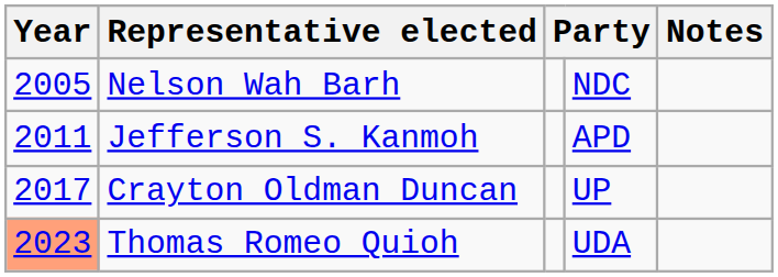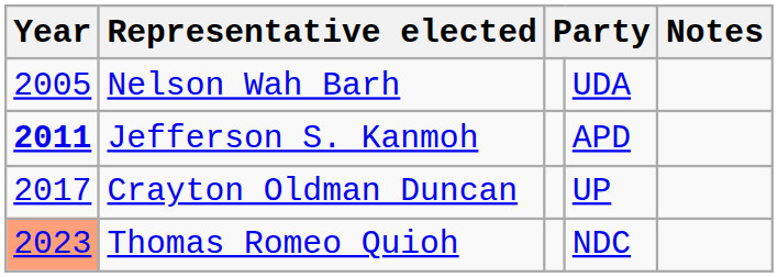 <table class="wikitable">
 <tr>
 <th>Year</th>
 <th>Representative elected</th>
 <th colspan=2>Party</th>
 <th>Notes</th>
 </tr>
 <tr>
 <td><a href='#'>2005</a></td>
 <td><a href='#'>Nelson Wah Barh</a></td>
 <td></td>
-<td><a href='#'>NDC</a></td>
+<td><a href='#'>UDA</a></td>
 <td></td>
 </tr>
 <tr>
-<td><a href='#'>2011</a></td>
+<td><strong><a href='#'>2011</a></strong></td>
 <td><a href='#'>Jefferson S. Kanmoh</a></td>
 <td></td>
 <td><a href='#'>APD</a></td>
 <td></td>
 </tr>
 <tr>
 <td><a href='#'>2017</a></td>
 <td><a href='#'>Crayton Oldman Duncan</a></td>
 <td></td>
 <td><a href='#'>UP</a></td>
 <td></td>
 </tr>
 <tr>
 <td style="background: lightsalmon;"><a href='#'>2023</a></td>
 <td><a href='#'>Thomas Romeo Quioh</a></td>
 <td></td>
-<td><a href='#'>UDA</a></td>
+<td><a href='#'>NDC</a></td>
 <td></td>
 </tr>
 </table>
